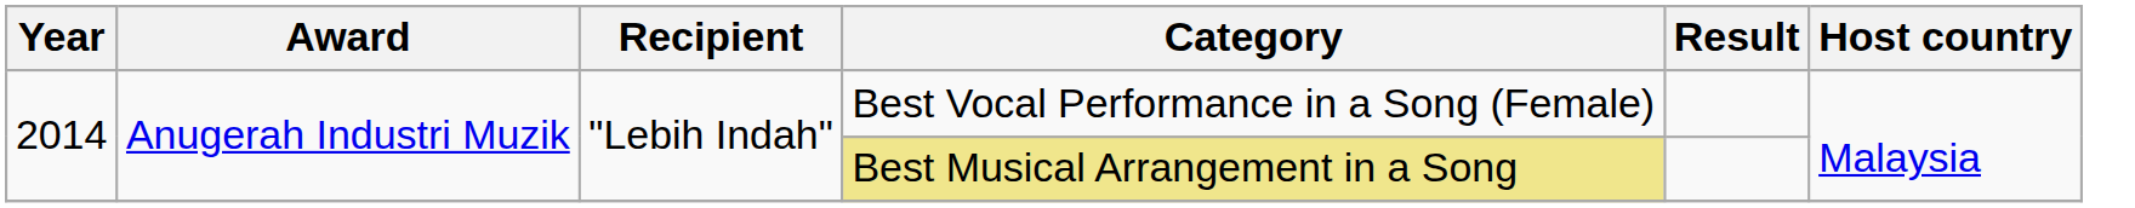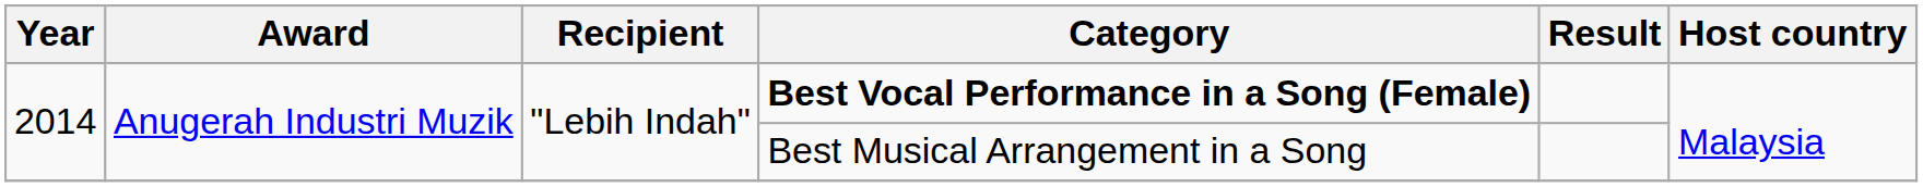 <table class="wikitable">
 <tr>
 <th>Year</th>
 <th>Award</th>
 <th>Recipient</th>
 <th>Category</th>
 <th>Result</th>
 <th>Host country</th>
 </tr>
 <tr>
 <td rowspan="2">2014</td>
 <td rowspan="2"><a href='#'>Anugerah Industri Muzik</a></td>
 <td rowspan="2">"Lebih Indah"</td>
-<td rowspan="1">Best Vocal Performance in a Song (Female)</td>
+<td rowspan="1"><strong>Best Vocal Performance in a Song (Female)</strong></td>
 <td></td>
 <td rowspan="2"> <br> <a href='#'>Malaysia</a></td>
 </tr>
 <tr>
-<td rowspan="1" style="background: khaki;">Best Musical Arrangement in a Song</td>
+<td rowspan="1">Best Musical Arrangement in a Song</td>
 <td></td>
 </tr>
 <tr>
 </tr>
 </table>
